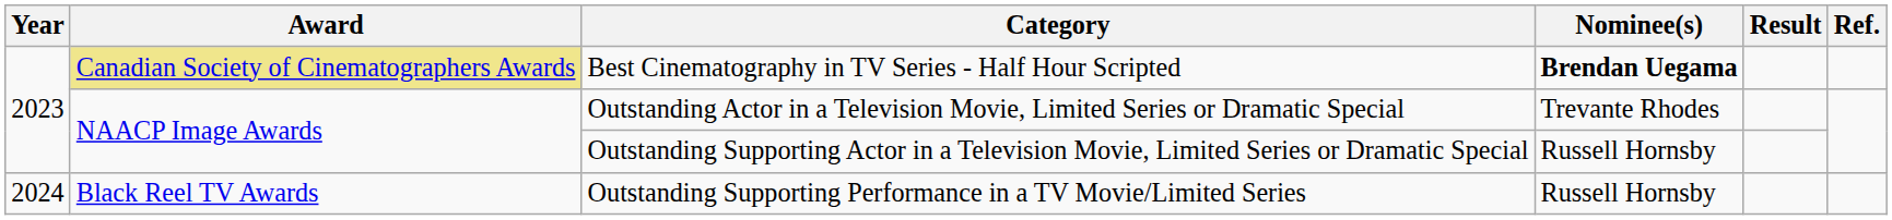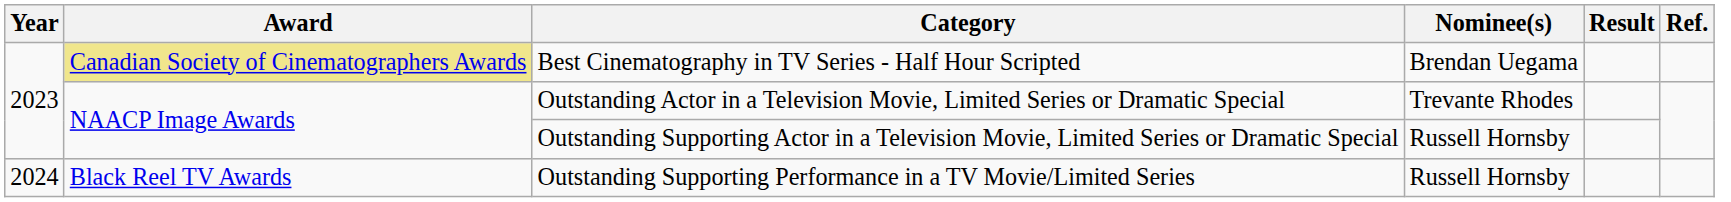 <table class="wikitable">
 <tr>
 <th>Year</th>
 <th>Award</th>
 <th>Category</th>
 <th>Nominee(s)</th>
 <th>Result</th>
 <th>Ref.</th>
 </tr>
 <tr>
 <td rowspan="3">2023</td>
 <td style="background: khaki;"><a href='#'>Canadian Society of Cinematographers Awards</a></td>
 <td>Best Cinematography in TV Series - Half Hour Scripted</td>
-<td><strong>Brendan Uegama</strong></td>
+<td>Brendan Uegama</td>
 <td></td>
 <td style="text-align:center;"></td>
 </tr>
 <tr>
 <td rowspan="2"><a href='#'>NAACP Image Awards</a></td>
 <td>Outstanding Actor in a Television Movie, Limited Series or Dramatic Special</td>
 <td>Trevante Rhodes</td>
 <td></td>
 <td rowspan="2" style="text-align:center;"></td>
 </tr>
 <tr>
 <td>Outstanding Supporting Actor in a Television Movie, Limited Series or Dramatic Special</td>
 <td>Russell Hornsby</td>
 <td></td>
 </tr>
 <tr>
 <td>2024</td>
 <td><a href='#'>Black Reel TV Awards</a></td>
 <td>Outstanding Supporting Performance in a TV Movie/Limited Series</td>
 <td>Russell Hornsby</td>
 <td></td>
 <td style="text-align:center;"></td>
 </tr>
 </table>
